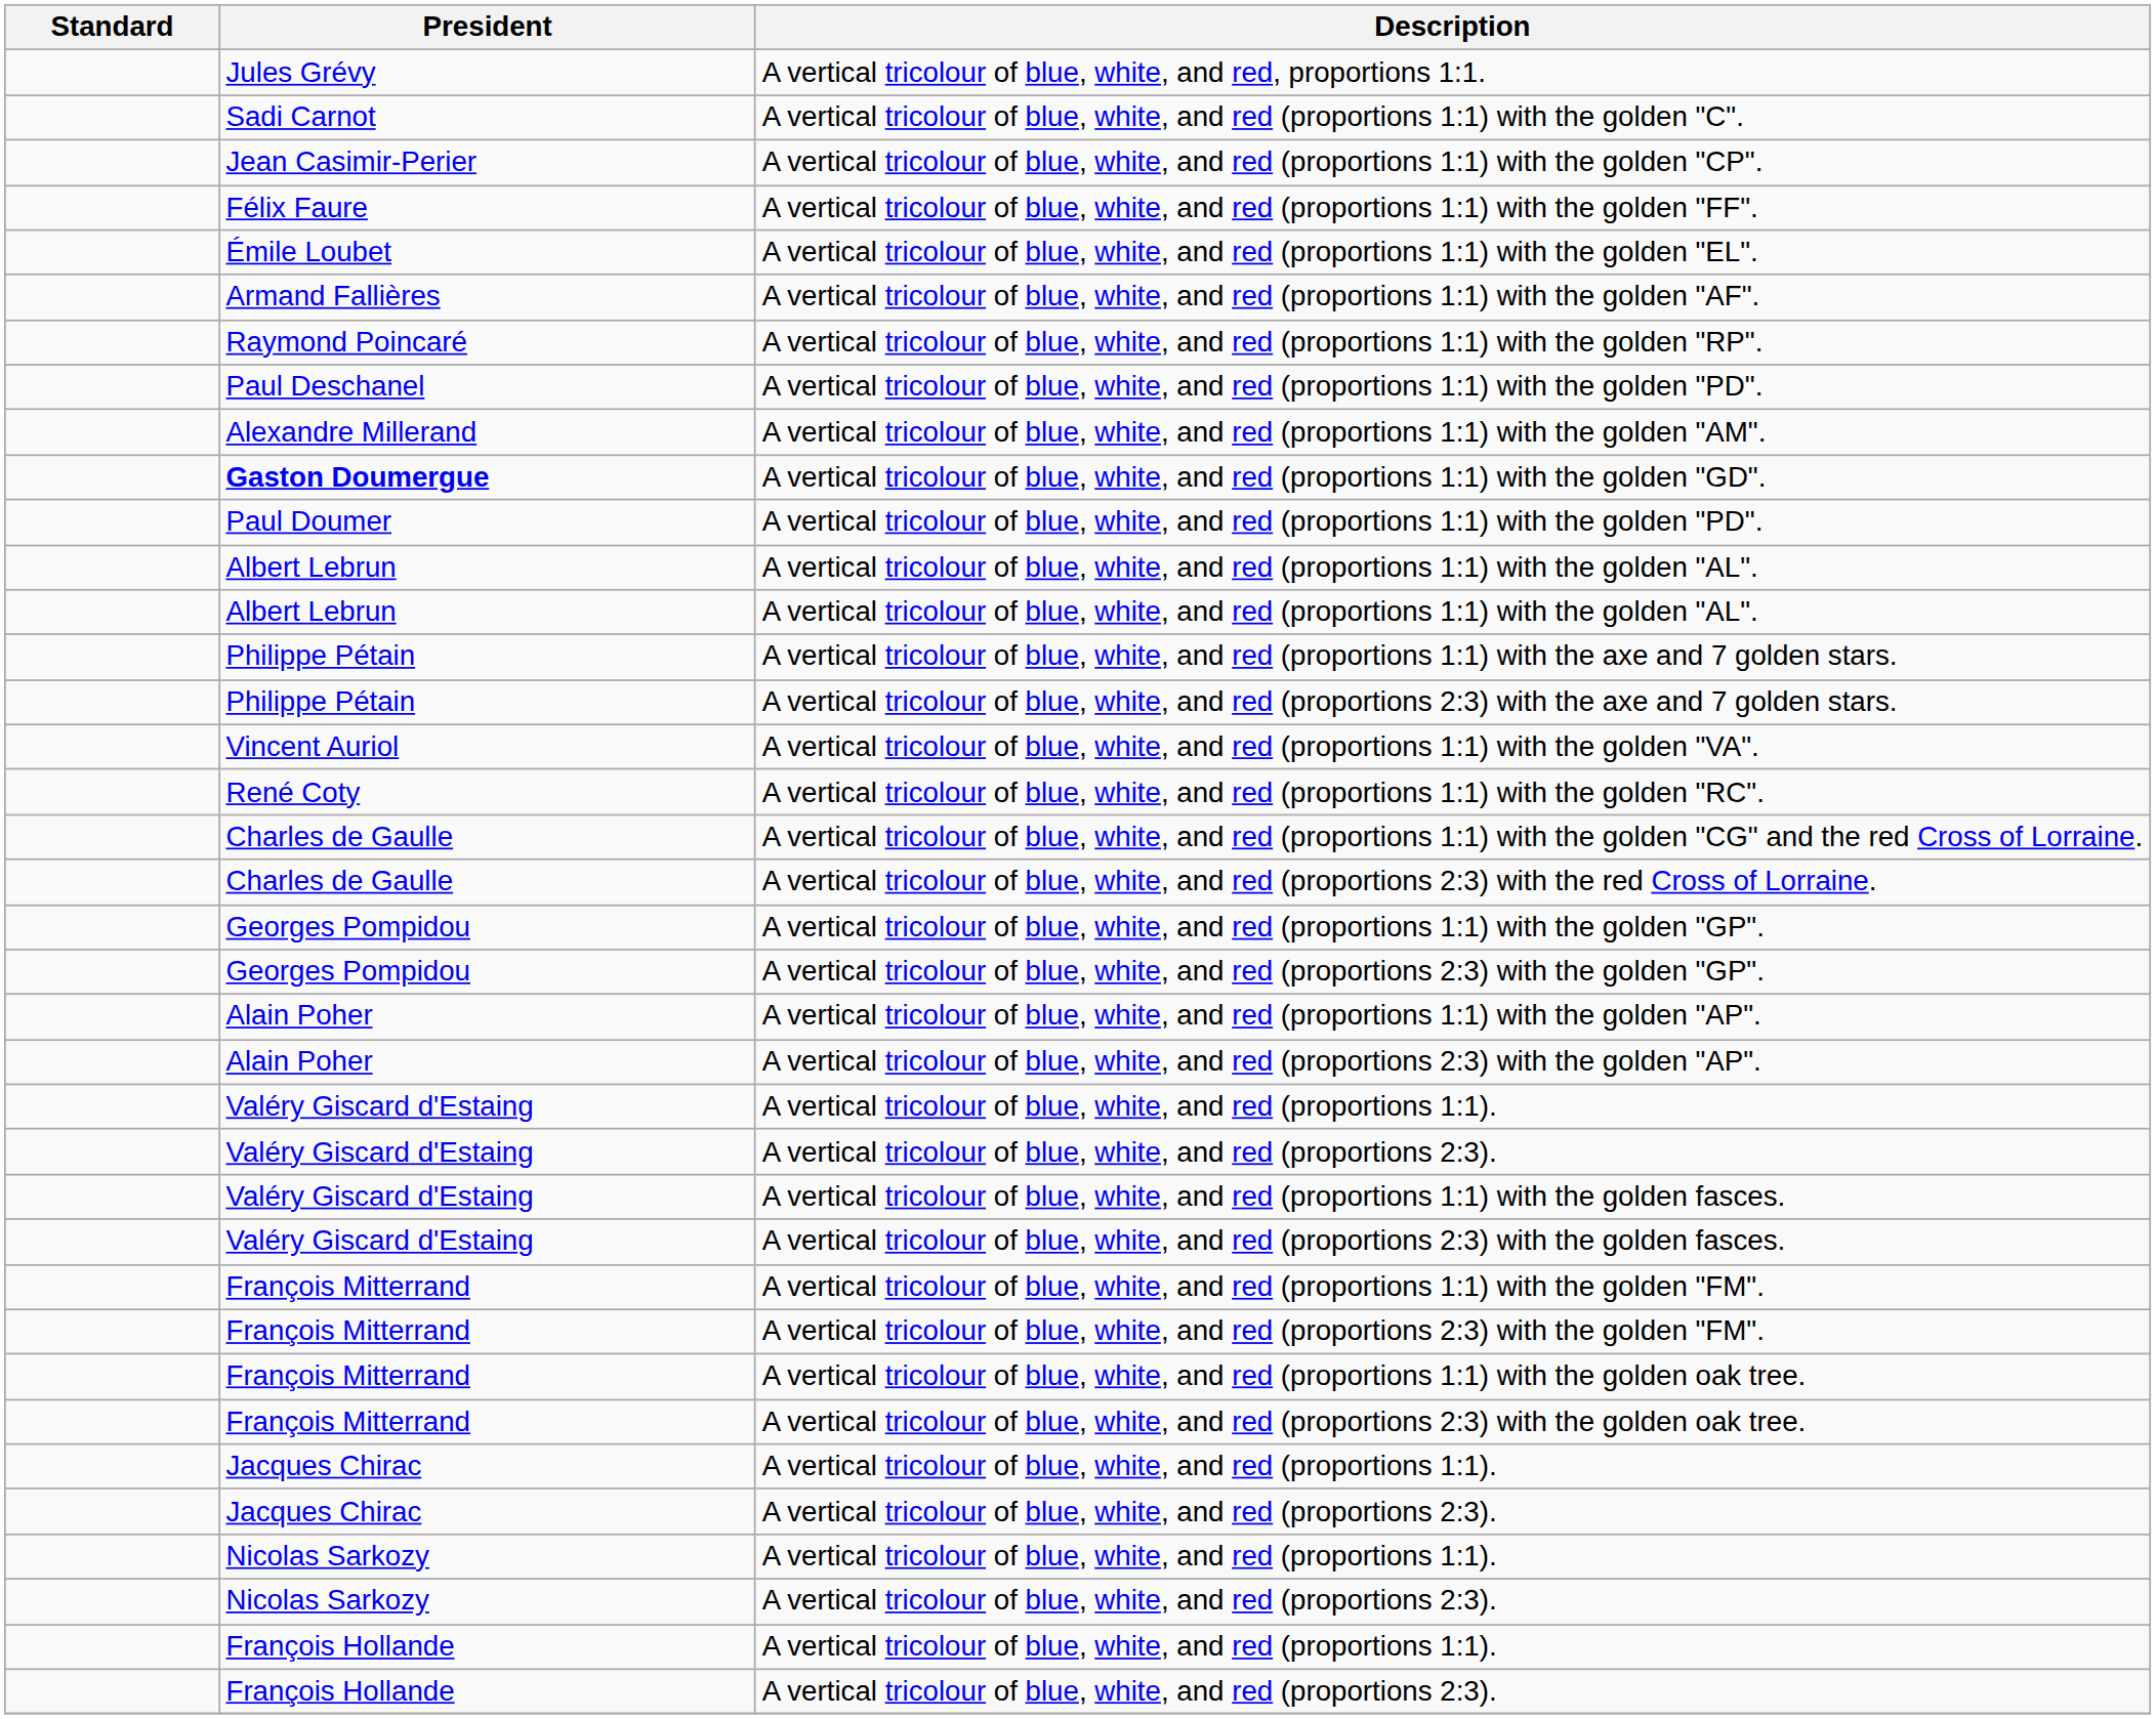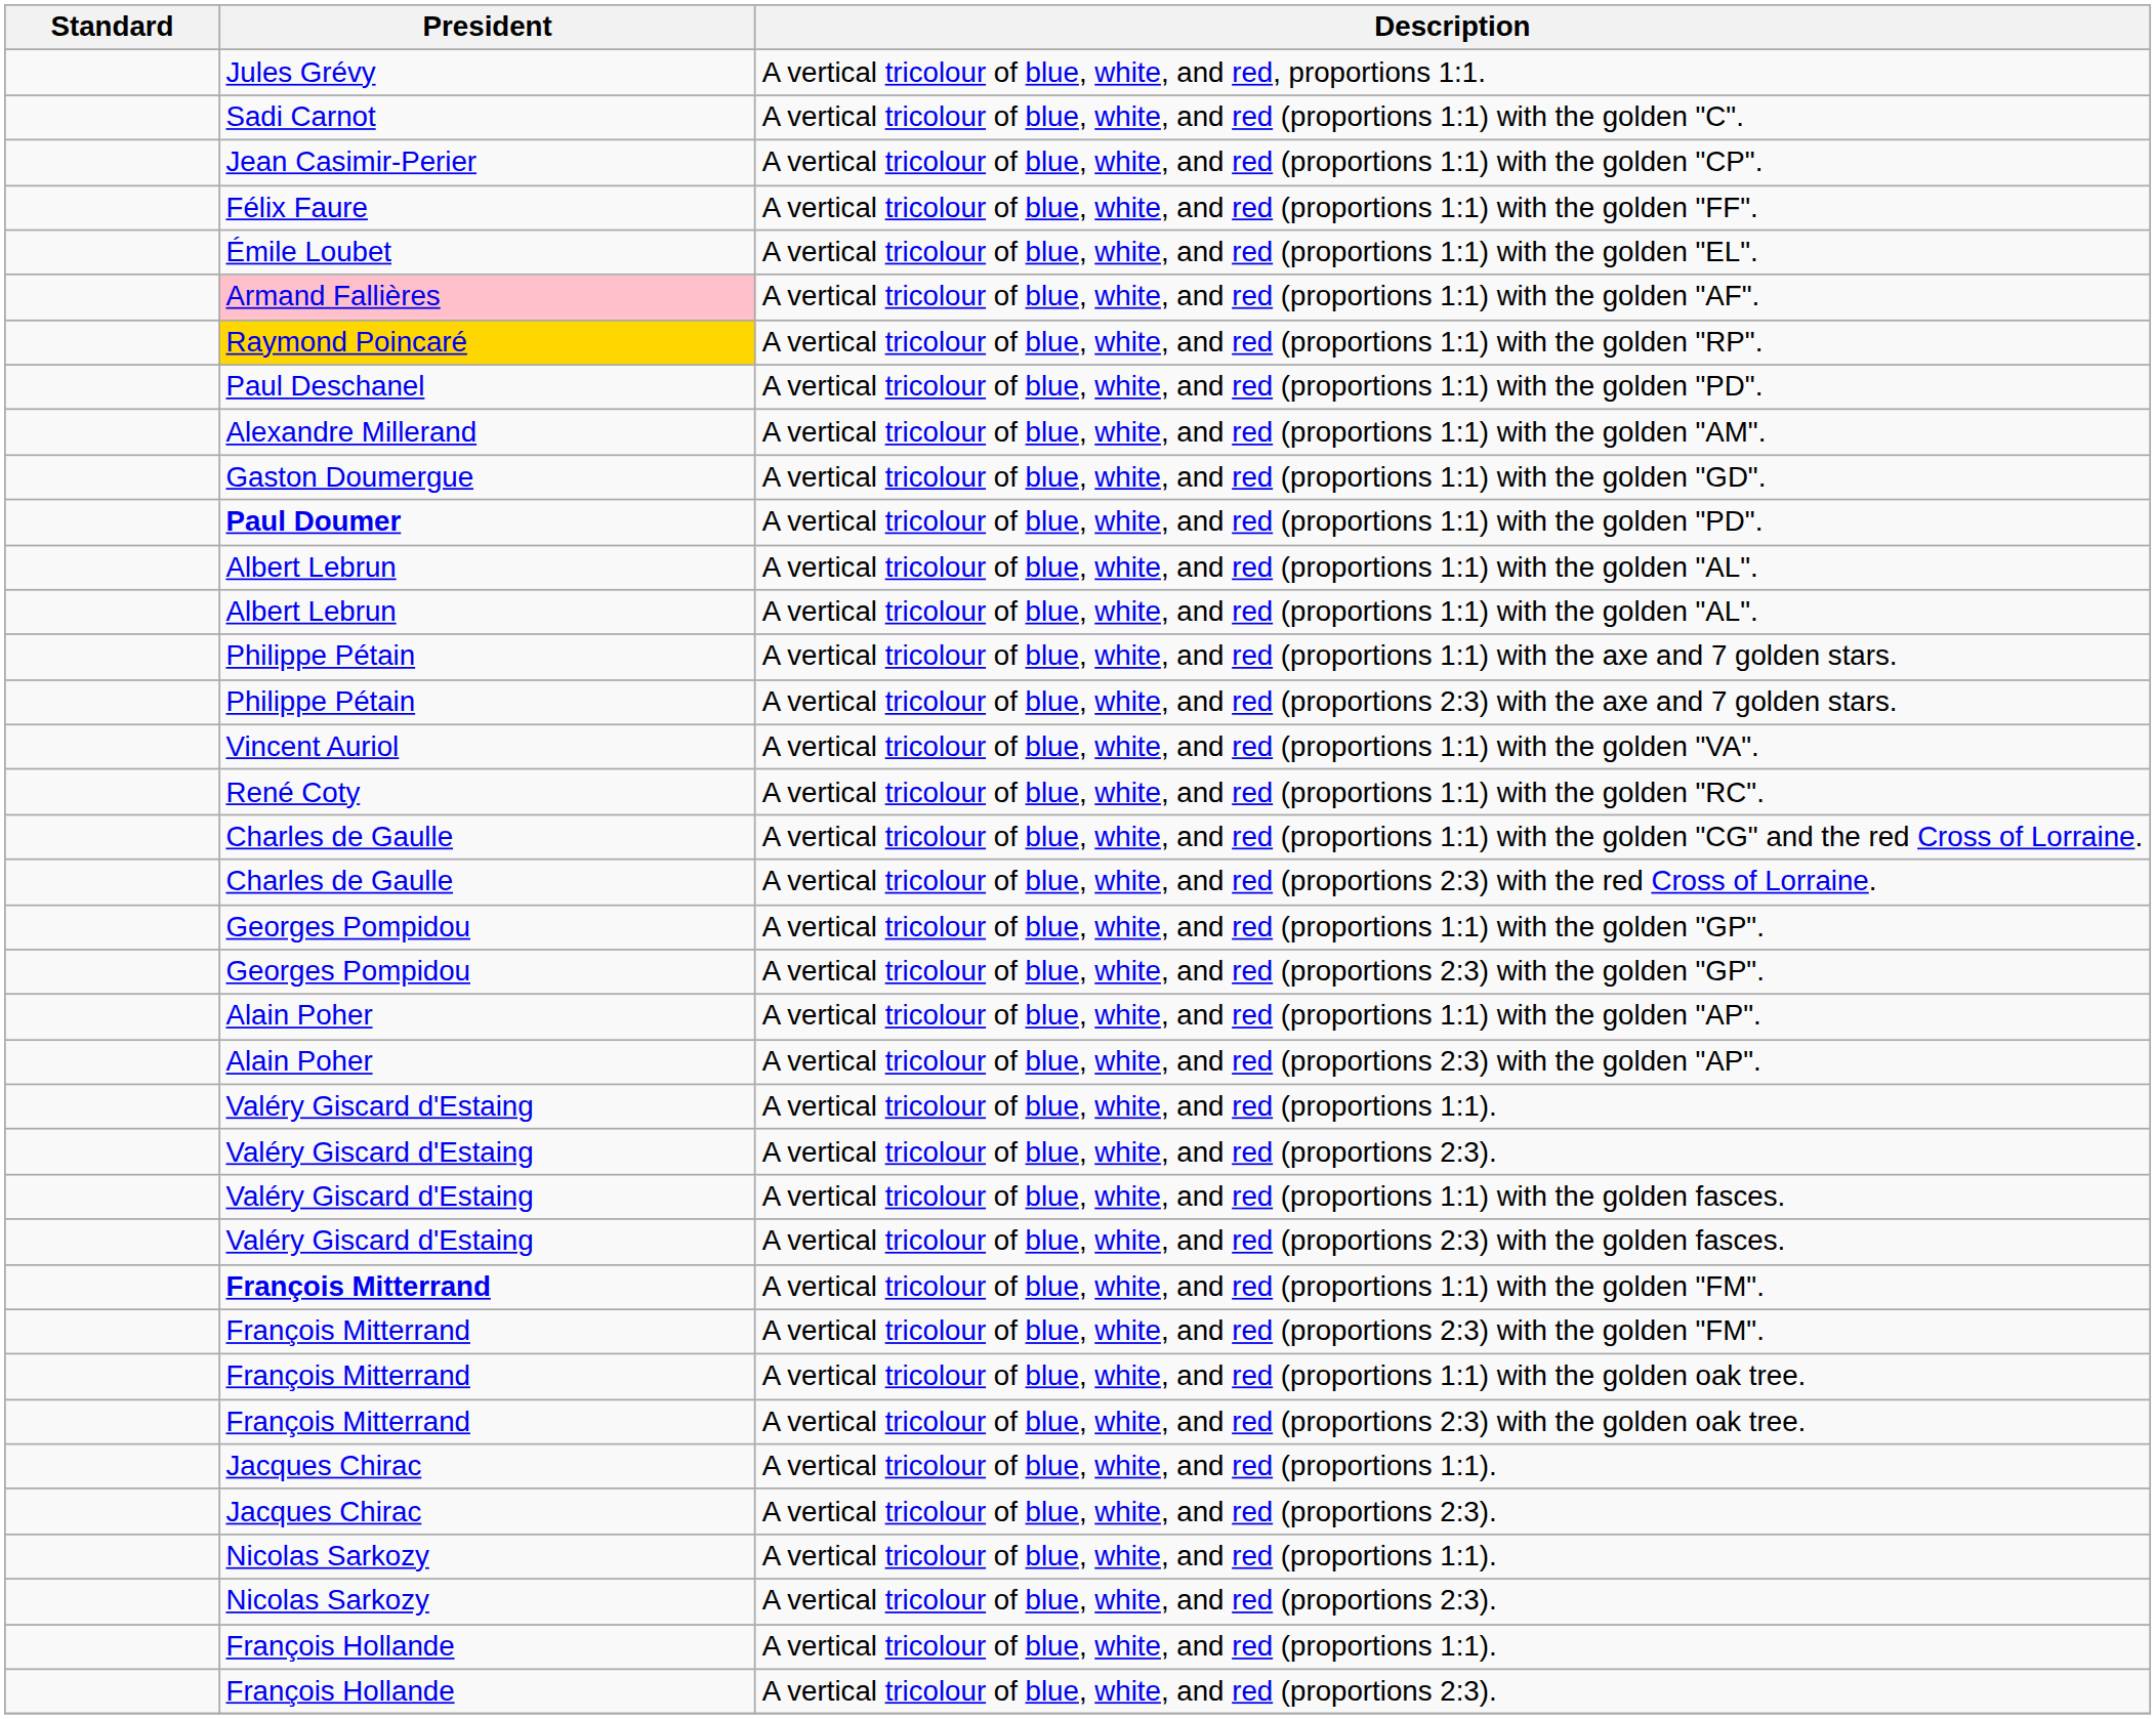 <table class="wikitable">
 <tr style="background:#efefef;">
 <th style="width:10%;">Standard</th>
 <th style="width:25%;">President</th>
 <th style="width:65%;">Description</th>
 </tr>
 <tr>
 <td></td>
 <td><a href='#'>Jules Grévy</a></td>
 <td>A vertical <a href='#'>tricolour</a> of <a href='#'>blue</a>, <a href='#'>white</a>, and <a href='#'>red</a>, proportions 1:1.</td>
 </tr>
 <tr>
 <td></td>
 <td><a href='#'>Sadi Carnot</a></td>
 <td>A vertical <a href='#'>tricolour</a> of <a href='#'>blue</a>, <a href='#'>white</a>, and <a href='#'>red</a> (proportions 1:1) with the golden "C".</td>
 </tr>
 <tr>
 <td></td>
 <td><a href='#'>Jean Casimir-Perier</a></td>
 <td>A vertical <a href='#'>tricolour</a> of <a href='#'>blue</a>, <a href='#'>white</a>, and <a href='#'>red</a> (proportions 1:1) with the golden "CP".</td>
 </tr>
 <tr>
 <td></td>
 <td><a href='#'>Félix Faure</a></td>
 <td>A vertical <a href='#'>tricolour</a> of <a href='#'>blue</a>, <a href='#'>white</a>, and <a href='#'>red</a> (proportions 1:1) with the golden "FF".</td>
 </tr>
 <tr>
 <td></td>
 <td><a href='#'>Émile Loubet</a></td>
 <td>A vertical <a href='#'>tricolour</a> of <a href='#'>blue</a>, <a href='#'>white</a>, and <a href='#'>red</a> (proportions 1:1) with the golden "EL".</td>
 </tr>
 <tr>
 <td></td>
-<td><a href='#'>Armand Fallières</a></td>
+<td style="background: pink;"><a href='#'>Armand Fallières</a></td>
 <td>A vertical <a href='#'>tricolour</a> of <a href='#'>blue</a>, <a href='#'>white</a>, and <a href='#'>red</a> (proportions 1:1) with the golden "AF".</td>
 </tr>
 <tr>
 <td></td>
-<td><a href='#'>Raymond Poincaré</a></td>
+<td style="background: gold;"><a href='#'>Raymond Poincaré</a></td>
 <td>A vertical <a href='#'>tricolour</a> of <a href='#'>blue</a>, <a href='#'>white</a>, and <a href='#'>red</a> (proportions 1:1) with the golden "RP".</td>
 </tr>
 <tr>
 <td></td>
 <td><a href='#'>Paul Deschanel</a></td>
 <td>A vertical <a href='#'>tricolour</a> of <a href='#'>blue</a>, <a href='#'>white</a>, and <a href='#'>red</a> (proportions 1:1) with the golden "PD".</td>
 </tr>
 <tr>
 <td></td>
 <td><a href='#'>Alexandre Millerand</a></td>
 <td>A vertical <a href='#'>tricolour</a> of <a href='#'>blue</a>, <a href='#'>white</a>, and <a href='#'>red</a> (proportions 1:1) with the golden "AM".</td>
 </tr>
 <tr>
 <td></td>
-<td><strong><a href='#'>Gaston Doumergue</a></strong></td>
+<td><a href='#'>Gaston Doumergue</a></td>
 <td>A vertical <a href='#'>tricolour</a> of <a href='#'>blue</a>, <a href='#'>white</a>, and <a href='#'>red</a> (proportions 1:1) with the golden "GD".</td>
 </tr>
 <tr>
 <td></td>
-<td><a href='#'>Paul Doumer</a></td>
+<td><strong><a href='#'>Paul Doumer</a></strong></td>
 <td>A vertical <a href='#'>tricolour</a> of <a href='#'>blue</a>, <a href='#'>white</a>, and <a href='#'>red</a> (proportions 1:1) with the golden "PD".</td>
 </tr>
 <tr>
 <td></td>
 <td><a href='#'>Albert Lebrun</a></td>
 <td>A vertical <a href='#'>tricolour</a> of <a href='#'>blue</a>, <a href='#'>white</a>, and <a href='#'>red</a> (proportions 1:1) with the golden "AL".</td>
 </tr>
 <tr>
 <td></td>
 <td><a href='#'>Albert Lebrun</a></td>
 <td>A vertical <a href='#'>tricolour</a> of <a href='#'>blue</a>, <a href='#'>white</a>, and <a href='#'>red</a> (proportions 1:1) with the golden "AL".</td>
 </tr>
 <tr>
 <td></td>
 <td><a href='#'>Philippe Pétain</a></td>
 <td>A vertical <a href='#'>tricolour</a> of <a href='#'>blue</a>, <a href='#'>white</a>, and <a href='#'>red</a> (proportions 1:1) with the axe and 7 golden stars.</td>
 </tr>
 <tr>
 <td></td>
 <td><a href='#'>Philippe Pétain</a></td>
 <td>A vertical <a href='#'>tricolour</a> of <a href='#'>blue</a>, <a href='#'>white</a>, and <a href='#'>red</a> (proportions 2:3) with the axe and 7 golden stars.</td>
 </tr>
 <tr>
 <td></td>
 <td><a href='#'>Vincent Auriol</a></td>
 <td>A vertical <a href='#'>tricolour</a> of <a href='#'>blue</a>, <a href='#'>white</a>, and <a href='#'>red</a> (proportions 1:1) with the golden "VA".</td>
 </tr>
 <tr>
 <td></td>
 <td><a href='#'>René Coty</a></td>
 <td>A vertical <a href='#'>tricolour</a> of <a href='#'>blue</a>, <a href='#'>white</a>, and <a href='#'>red</a> (proportions 1:1) with the golden "RC".</td>
 </tr>
 <tr>
 <td></td>
 <td><a href='#'>Charles de Gaulle</a></td>
 <td>A vertical <a href='#'>tricolour</a> of <a href='#'>blue</a>, <a href='#'>white</a>, and <a href='#'>red</a> (proportions 1:1) with the golden "CG" and the red <a href='#'>Cross of Lorraine</a>.</td>
 </tr>
 <tr>
 <td></td>
 <td><a href='#'>Charles de Gaulle</a></td>
 <td>A vertical <a href='#'>tricolour</a> of <a href='#'>blue</a>, <a href='#'>white</a>, and <a href='#'>red</a> (proportions 2:3) with the red <a href='#'>Cross of Lorraine</a>.</td>
 </tr>
 <tr>
 <td></td>
 <td><a href='#'>Georges Pompidou</a></td>
 <td>A vertical <a href='#'>tricolour</a> of <a href='#'>blue</a>, <a href='#'>white</a>, and <a href='#'>red</a> (proportions 1:1) with the golden "GP".</td>
 </tr>
 <tr>
 <td></td>
 <td><a href='#'>Georges Pompidou</a></td>
 <td>A vertical <a href='#'>tricolour</a> of <a href='#'>blue</a>, <a href='#'>white</a>, and <a href='#'>red</a> (proportions 2:3) with the golden "GP".</td>
 </tr>
 <tr>
 <td></td>
 <td><a href='#'>Alain Poher</a></td>
 <td>A vertical <a href='#'>tricolour</a> of <a href='#'>blue</a>, <a href='#'>white</a>, and <a href='#'>red</a> (proportions 1:1) with the golden "AP".</td>
 </tr>
 <tr>
 <td></td>
 <td><a href='#'>Alain Poher</a></td>
 <td>A vertical <a href='#'>tricolour</a> of <a href='#'>blue</a>, <a href='#'>white</a>, and <a href='#'>red</a> (proportions 2:3) with the golden "AP".</td>
 </tr>
 <tr>
 <td></td>
 <td><a href='#'>Valéry Giscard d'Estaing</a></td>
 <td>A vertical <a href='#'>tricolour</a> of <a href='#'>blue</a>, <a href='#'>white</a>, and <a href='#'>red</a> (proportions 1:1).</td>
 </tr>
 <tr>
 <td></td>
 <td><a href='#'>Valéry Giscard d'Estaing</a></td>
 <td>A vertical <a href='#'>tricolour</a> of <a href='#'>blue</a>, <a href='#'>white</a>, and <a href='#'>red</a> (proportions 2:3).</td>
 </tr>
 <tr>
 <td></td>
 <td><a href='#'>Valéry Giscard d'Estaing</a></td>
 <td>A vertical <a href='#'>tricolour</a> of <a href='#'>blue</a>, <a href='#'>white</a>, and <a href='#'>red</a> (proportions 1:1) with the golden fasces.</td>
 </tr>
 <tr>
 <td></td>
 <td><a href='#'>Valéry Giscard d'Estaing</a></td>
 <td>A vertical <a href='#'>tricolour</a> of <a href='#'>blue</a>, <a href='#'>white</a>, and <a href='#'>red</a> (proportions 2:3) with the golden fasces.</td>
 </tr>
 <tr>
 <td></td>
-<td><a href='#'>François Mitterrand</a></td>
+<td><strong><a href='#'>François Mitterrand</a></strong></td>
 <td>A vertical <a href='#'>tricolour</a> of <a href='#'>blue</a>, <a href='#'>white</a>, and <a href='#'>red</a> (proportions 1:1) with the golden "FM".</td>
 </tr>
 <tr>
 <td></td>
 <td><a href='#'>François Mitterrand</a></td>
 <td>A vertical <a href='#'>tricolour</a> of <a href='#'>blue</a>, <a href='#'>white</a>, and <a href='#'>red</a> (proportions 2:3) with the golden "FM".</td>
 </tr>
 <tr>
 <td></td>
 <td><a href='#'>François Mitterrand</a></td>
 <td>A vertical <a href='#'>tricolour</a> of <a href='#'>blue</a>, <a href='#'>white</a>, and <a href='#'>red</a> (proportions 1:1) with the golden oak tree.</td>
 </tr>
 <tr>
 <td></td>
 <td><a href='#'>François Mitterrand</a></td>
 <td>A vertical <a href='#'>tricolour</a> of <a href='#'>blue</a>, <a href='#'>white</a>, and <a href='#'>red</a> (proportions 2:3) with the golden oak tree.</td>
 </tr>
 <tr>
 <td></td>
 <td><a href='#'>Jacques Chirac</a></td>
 <td>A vertical <a href='#'>tricolour</a> of <a href='#'>blue</a>, <a href='#'>white</a>, and <a href='#'>red</a> (proportions 1:1).</td>
 </tr>
 <tr>
 <td></td>
 <td><a href='#'>Jacques Chirac</a></td>
 <td>A vertical <a href='#'>tricolour</a> of <a href='#'>blue</a>, <a href='#'>white</a>, and <a href='#'>red</a> (proportions 2:3).</td>
 </tr>
 <tr>
 <td></td>
 <td><a href='#'>Nicolas Sarkozy</a></td>
 <td>A vertical <a href='#'>tricolour</a> of <a href='#'>blue</a>, <a href='#'>white</a>, and <a href='#'>red</a> (proportions 1:1).</td>
 </tr>
 <tr>
 <td></td>
 <td><a href='#'>Nicolas Sarkozy</a></td>
 <td>A vertical <a href='#'>tricolour</a> of <a href='#'>blue</a>, <a href='#'>white</a>, and <a href='#'>red</a> (proportions 2:3).</td>
 </tr>
 <tr>
 <td></td>
 <td><a href='#'>François Hollande</a></td>
 <td>A vertical <a href='#'>tricolour</a> of <a href='#'>blue</a>, <a href='#'>white</a>, and <a href='#'>red</a> (proportions 1:1).</td>
 </tr>
 <tr>
 <td></td>
 <td><a href='#'>François Hollande</a></td>
 <td>A vertical <a href='#'>tricolour</a> of <a href='#'>blue</a>, <a href='#'>white</a>, and <a href='#'>red</a> (proportions 2:3).</td>
 </tr>
 <tr>
 </tr>
 </table>
